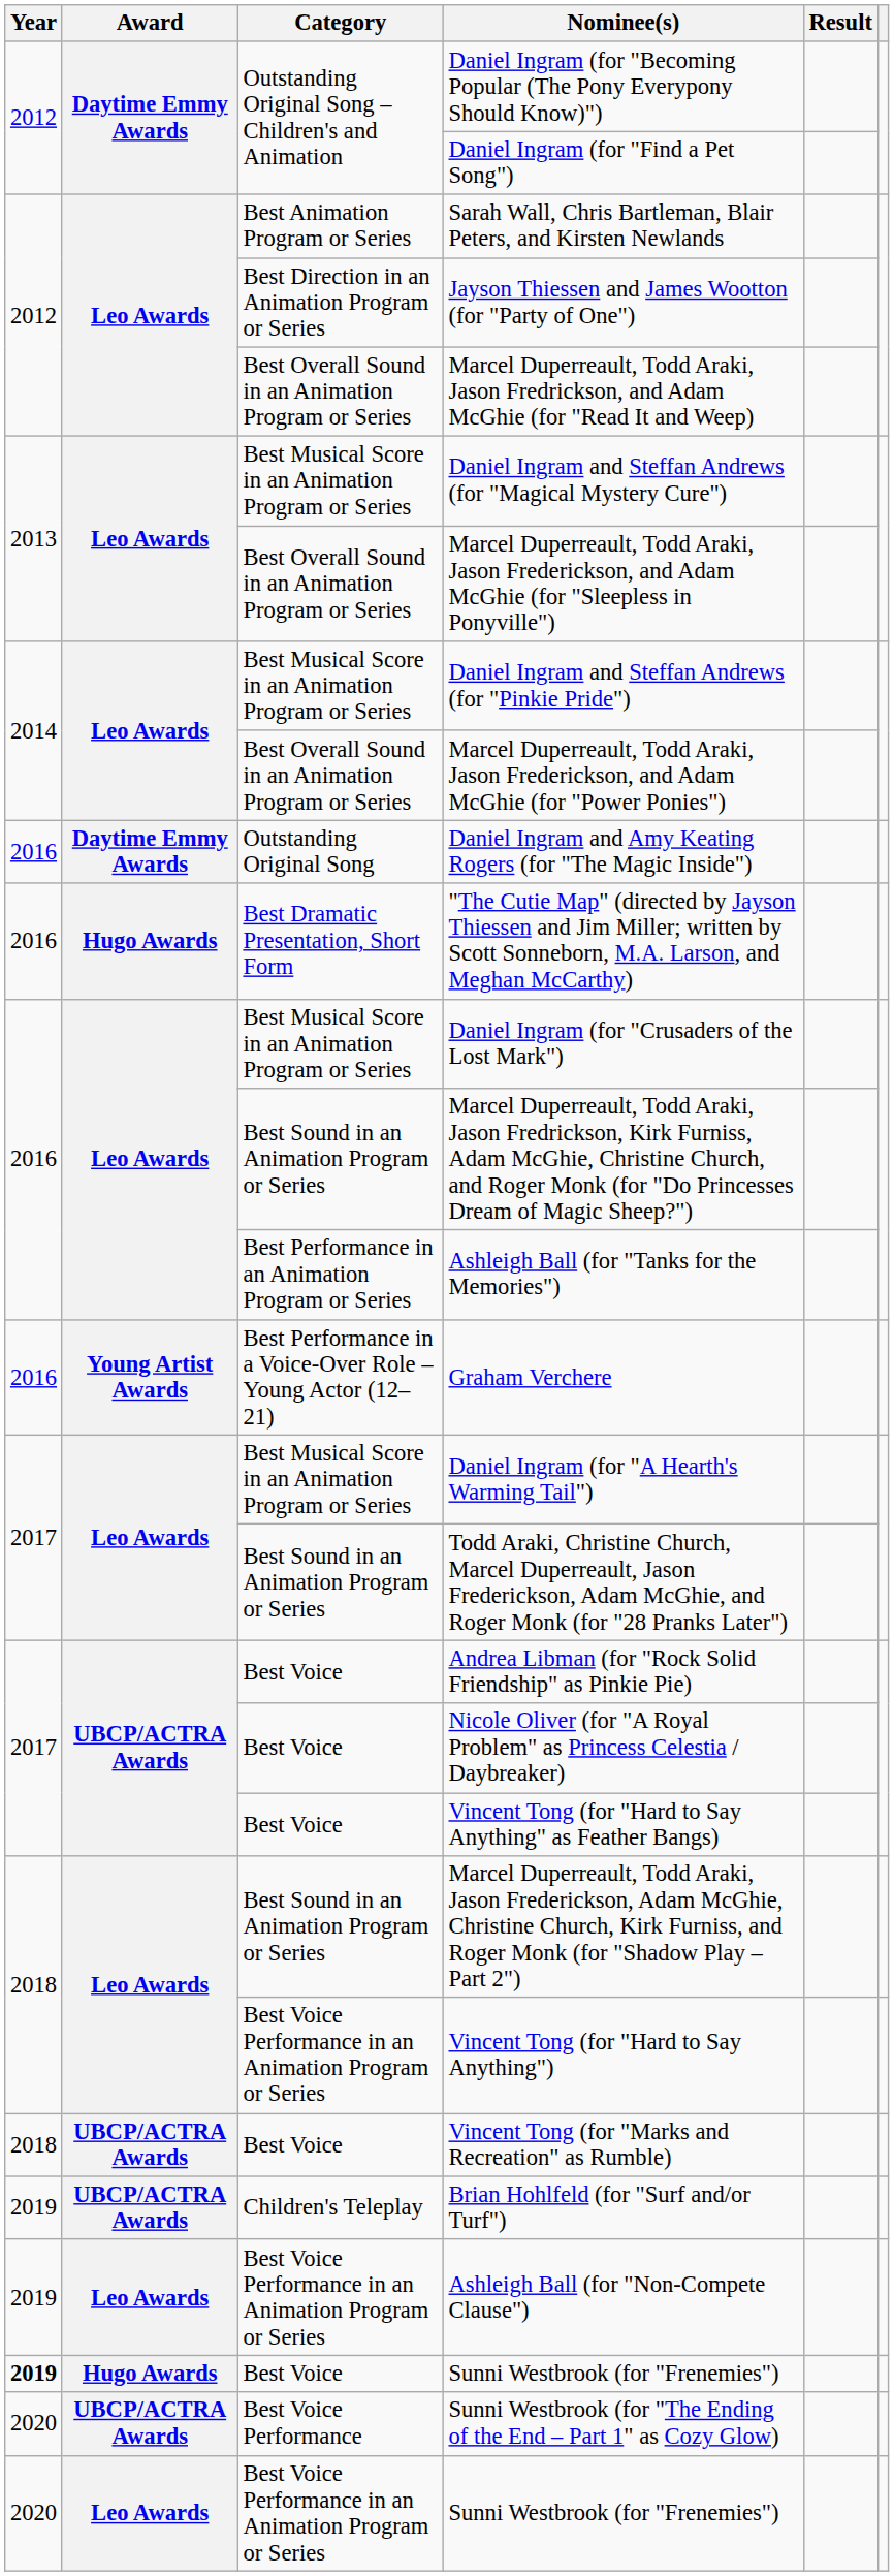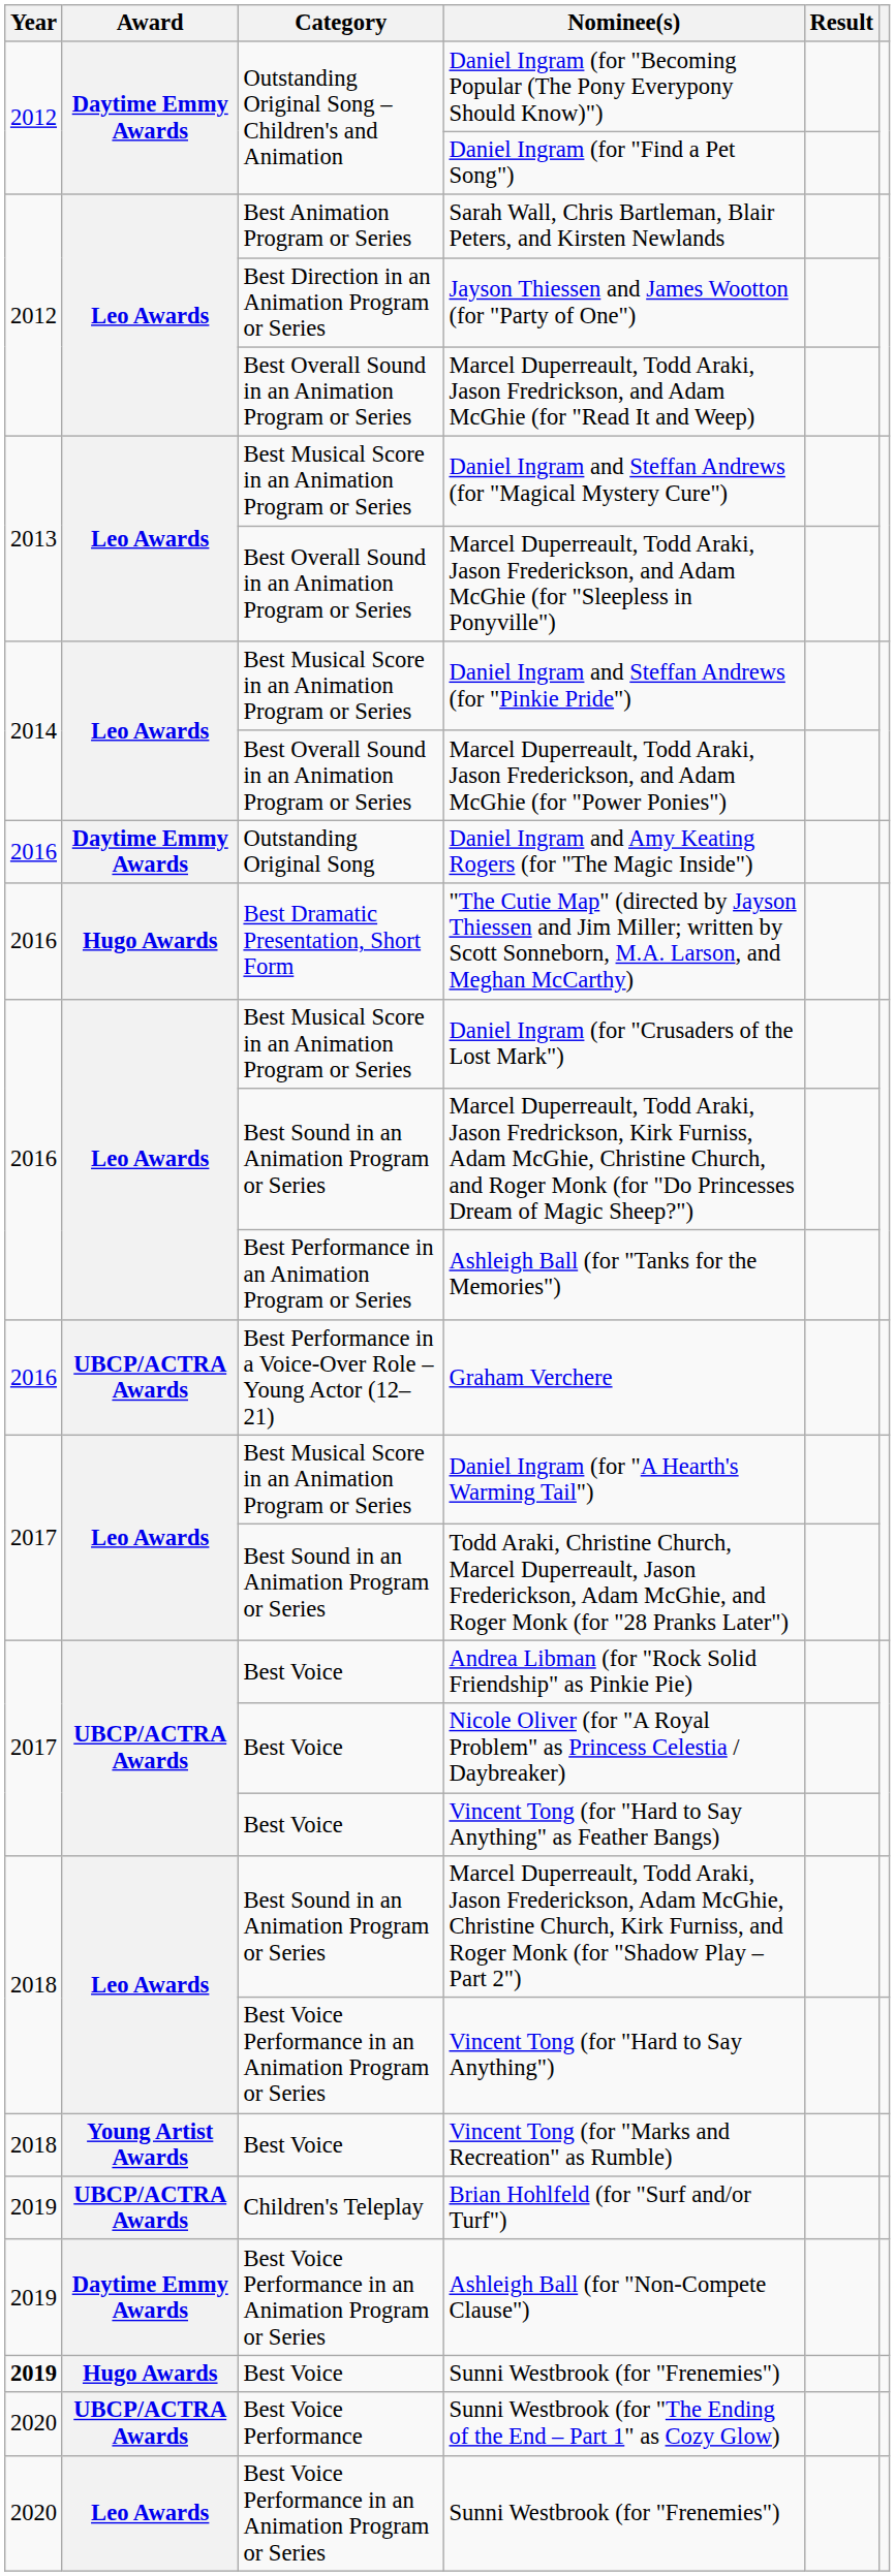 <table class="wikitable sortable plainrowheaders">
 <tr>
 <th scope="col">Year</th>
 <th scope="col">Award</th>
 <th scope="col">Category</th>
 <th scope="col">Nominee(s)</th>
 <th scope="col">Result</th>
 <th scope="col" style="align:center" class="unsortable"></th>
 </tr>
 <tr>
 <td rowspan="2"><a href='#'>2012</a></td>
 <th scope="row" rowspan="2"><a href='#'>Daytime Emmy Awards</a></th>
 <td rowspan=2>Outstanding Original Song – Children's and Animation</td>
 <td data-sort-value="Ingram, Daniel"><a href='#'>Daniel Ingram</a> (for "Becoming Popular (The Pony Everypony Should Know)")</td>
 <td></td>
 <td rowspan="2"></td>
 </tr>
 <tr>
 <td data-sort-value="Ingram, Daniel"><a href='#'>Daniel Ingram</a> (for "Find a Pet Song")</td>
 <td></td>
 </tr>
 <tr>
 <td rowspan="3">2012</td>
 <th scope="row" rowspan="3"><a href='#'>Leo Awards</a></th>
 <td>Best Animation Program or Series</td>
 <td data-sort-value="Wall, Sarah, Bartleman, Chris, Peters, Blair, and Newlands, Kirsten">Sarah Wall, Chris Bartleman, Blair Peters, and Kirsten Newlands</td>
 <td></td>
 <td rowspan="3"></td>
 </tr>
 <tr>
 <td>Best Direction in an Animation Program or Series</td>
 <td data-sort-value="Thiessen, Jayson and Wootton, James"><a href='#'>Jayson Thiessen</a> and <a href='#'>James Wootton</a> (for "Party of One")</td>
 <td></td>
 </tr>
 <tr>
 <td>Best Overall Sound in an Animation Program or Series</td>
 <td data-sort-value="Duperreault, Marcel, Araki, Todd, Fredrickson, Jason, and McGhie, Adam">Marcel Duperreault, Todd Araki, Jason Fredrickson, and Adam McGhie (for "Read It and Weep)</td>
 <td></td>
 </tr>
 <tr>
 <td rowspan="2">2013</td>
 <th scope="row" rowspan="2"><a href='#'>Leo Awards</a></th>
 <td>Best Musical Score in an Animation Program or Series</td>
 <td data-sort-value="Ingram, Daniel and Andrews, Steffan"><a href='#'>Daniel Ingram</a> and <a href='#'>Steffan Andrews</a> (for "Magical Mystery Cure")</td>
 <td></td>
 <td rowspan="2"></td>
 </tr>
 <tr>
 <td>Best Overall Sound in an Animation Program or Series</td>
 <td data-sort-value="Duperreault, Marcel, Araki, Todd, Frederickson, Jason, and McGhie, Adam">Marcel Duperreault, Todd Araki, Jason Frederickson, and Adam McGhie (for "Sleepless in Ponyville")</td>
 <td></td>
 </tr>
 <tr>
 <td rowspan="2">2014</td>
 <th scope="row" rowspan="2"><a href='#'>Leo Awards</a></th>
 <td>Best Musical Score in an Animation Program or Series</td>
 <td data-sort-value="Ingram, Daniel and Andrews, Steffan"><a href='#'>Daniel Ingram</a> and <a href='#'>Steffan Andrews</a> (for "<a href='#'>Pinkie Pride</a>")</td>
 <td></td>
 <td rowspan="2"></td>
 </tr>
 <tr>
 <td>Best Overall Sound in an Animation Program or Series</td>
 <td data-sort-value="Duperreault, Marcel, Araki, Todd, Frederickson, Jason, and McGhie, Adam">Marcel Duperreault, Todd Araki, Jason Frederickson, and Adam McGhie (for "Power Ponies")</td>
 <td></td>
 </tr>
 <tr>
 <td><a href='#'>2016</a></td>
 <th scope="row"><a href='#'>Daytime Emmy Awards</a></th>
 <td>Outstanding Original Song</td>
 <td data-sort-value="Ingram, Daniel and Rogers, Amy Keating"><a href='#'>Daniel Ingram</a> and <a href='#'>Amy Keating Rogers</a> (for "The Magic Inside")</td>
 <td></td>
 <td></td>
 </tr>
 <tr>
 <td>2016</td>
 <th scope="row"><a href='#'>Hugo Awards</a></th>
 <td><a href='#'>Best Dramatic Presentation, Short Form</a></td>
 <td data-sort-value="Cutie Map">"<a href='#'>The Cutie Map</a>" (directed by <a href='#'>Jayson Thiessen</a> and Jim Miller; written by Scott Sonneborn, <a href='#'>M.A. Larson</a>, and <a href='#'>Meghan McCarthy</a>)</td>
 <td></td>
 <td></td>
 </tr>
 <tr>
 <td rowspan="3">2016</td>
 <th scope="row" rowspan="3"><a href='#'>Leo Awards</a></th>
 <td>Best Musical Score in an Animation Program or Series</td>
 <td data-sort-value="Ingram, Daniel"><a href='#'>Daniel Ingram</a> (for "Crusaders of the Lost Mark")</td>
 <td></td>
 <td rowspan="3"></td>
 </tr>
 <tr>
 <td>Best Sound in an Animation Program or Series</td>
 <td data-sort-value="Duperreault, Marcel, Araki, Todd, Frederickson, Jason, Furniss, Kirk, McGhie, Adam, Church, Christine, and Monk, Roger">Marcel Duperreault, Todd Araki, Jason Fredrickson, Kirk Furniss, Adam McGhie, Christine Church, and Roger Monk (for "Do Princesses Dream of Magic Sheep?")</td>
 <td></td>
 </tr>
 <tr>
 <td>Best Performance in an Animation Program or Series</td>
 <td data-sort-value="Ball, Ashleigh"><a href='#'>Ashleigh Ball</a> (for "Tanks for the Memories")</td>
 <td></td>
 </tr>
 <tr>
 <td><a href='#'>2016</a></td>
-<th scope="row"><a href='#'>Young Artist Awards</a></th>
+<th scope="row"><a href='#'>UBCP/ACTRA Awards</a></th>
 <td>Best Performance in a Voice-Over Role – Young Actor (12–21)</td>
 <td data-sort-value="Verchere, Graham"><a href='#'>Graham Verchere</a></td>
 <td></td>
 <td></td>
 </tr>
 <tr>
 <td rowspan=2>2017</td>
 <th scope="row" rowspan=2><a href='#'>Leo Awards</a></th>
 <td>Best Musical Score in an Animation Program or Series</td>
 <td data-sort-value="Ingram, Daniel"><a href='#'>Daniel Ingram</a> (for "<a href='#'>A Hearth's Warming Tail</a>")</td>
 <td></td>
 <td rowspan="2"></td>
 </tr>
 <tr>
 <td>Best Sound in an Animation Program or Series</td>
 <td data-sort-value="Araki, Todd, Church, Christine, Duperreault, Marcel, Frederickson, Jason, McGhie, Adam, and Monk, Roger">Todd Araki, Christine Church, Marcel Duperreault, Jason Frederickson, Adam McGhie, and Roger Monk (for "28 Pranks Later")</td>
 <td></td>
 </tr>
 <tr>
 <td rowspan=3>2017</td>
 <th scope="row" rowspan=3><a href='#'>UBCP/ACTRA Awards</a></th>
 <td>Best Voice</td>
 <td data-sort-value="Libman, Andrea"><a href='#'>Andrea Libman</a> (for "Rock Solid Friendship" as Pinkie Pie)</td>
 <td></td>
 <td rowspan="3"></td>
 </tr>
 <tr>
 <td>Best Voice</td>
 <td data-sort-value="Oliver, Nicole"><a href='#'>Nicole Oliver</a> (for "A Royal Problem" as <a href='#'>Princess Celestia</a> / Daybreaker)</td>
 <td></td>
 </tr>
 <tr>
 <td>Best Voice</td>
 <td data-sort-value="Tong, Vincent"><a href='#'>Vincent Tong</a> (for "Hard to Say Anything" as Feather Bangs)</td>
 <td></td>
 </tr>
 <tr>
 <td rowspan=2>2018</td>
 <th scope="row" rowspan=2><a href='#'>Leo Awards</a></th>
 <td>Best Sound in an Animation Program or Series</td>
 <td data-sort-value="Duperreault, Marcel, Araki, Todd, Frederickson, Jason, McGhie, Adam, Church, Christine, Furniss, Kirk, and Monk, Roger">Marcel Duperreault, Todd Araki, Jason Frederickson, Adam McGhie, Christine Church, Kirk Furniss, and Roger Monk (for "Shadow Play – Part 2")</td>
 <td></td>
 <td></td>
 </tr>
 <tr>
 <td>Best Voice Performance in an Animation Program or Series</td>
 <td data-sort-value="Tong, Vincent"><a href='#'>Vincent Tong</a> (for "Hard to Say Anything")</td>
 <td></td>
 <td></td>
 </tr>
 <tr>
 <td>2018</td>
-<th scope="row"><a href='#'>UBCP/ACTRA Awards</a></th>
+<th scope="row"><a href='#'>Young Artist Awards</a></th>
 <td>Best Voice</td>
 <td data-sort-value="Tong, Vincent"><a href='#'>Vincent Tong</a> (for "Marks and Recreation" as Rumble)</td>
 <td></td>
 <td></td>
 </tr>
 <tr>
 <td>2019</td>
 <th scope="row"><a href='#'>UBCP/ACTRA Awards</a></th>
 <td>Children's Teleplay</td>
 <td data-sort-value="Hohlfeld, Brian"><a href='#'>Brian Hohlfeld</a> (for "Surf and/or Turf")</td>
 <td></td>
 <td></td>
 </tr>
 <tr>
 <td>2019</td>
-<th scope="row"><a href='#'>Leo Awards</a></th>
+<th scope="row"><a href='#'>Daytime Emmy Awards</a></th>
 <td>Best Voice Performance in an Animation Program or Series</td>
 <td dara-sort-value="Ball, Ashleigh"><a href='#'>Ashleigh Ball</a> (for "Non-Compete Clause")</td>
 <td></td>
 <td></td>
 </tr>
 <tr>
 <td><strong>2019</strong></td>
 <th scope="row"><a href='#'>Hugo Awards</a></th>
 <td>Best Voice</td>
 <td data-sort-value="Westbrook, Sunni">Sunni Westbrook (for "Frenemies")</td>
 <td></td>
 <td></td>
 </tr>
 <tr>
 <td>2020</td>
 <th scope="row"><a href='#'>UBCP/ACTRA Awards</a></th>
 <td>Best Voice Performance</td>
 <td data-sort-value="Westbrook, Sunni">Sunni Westbrook (for "<a href='#'>The Ending of the End – Part 1</a>" as <a href='#'>Cozy Glow</a>)</td>
 <td></td>
 <td></td>
 </tr>
 <tr>
 <td>2020</td>
 <th scope="row"><a href='#'>Leo Awards</a></th>
 <td>Best Voice Performance in an Animation Program or Series</td>
 <td data-sort-value="Westbrook, Sunni">Sunni Westbrook (for "Frenemies")</td>
 <td></td>
 <td></td>
 </tr>
 </table>
